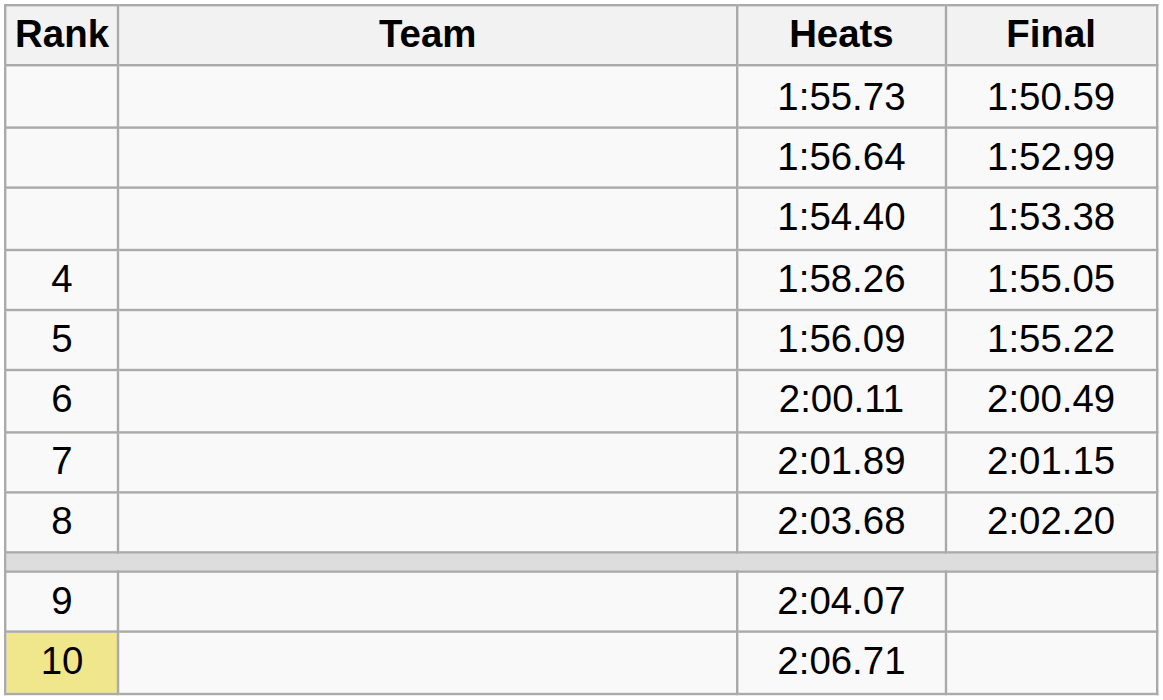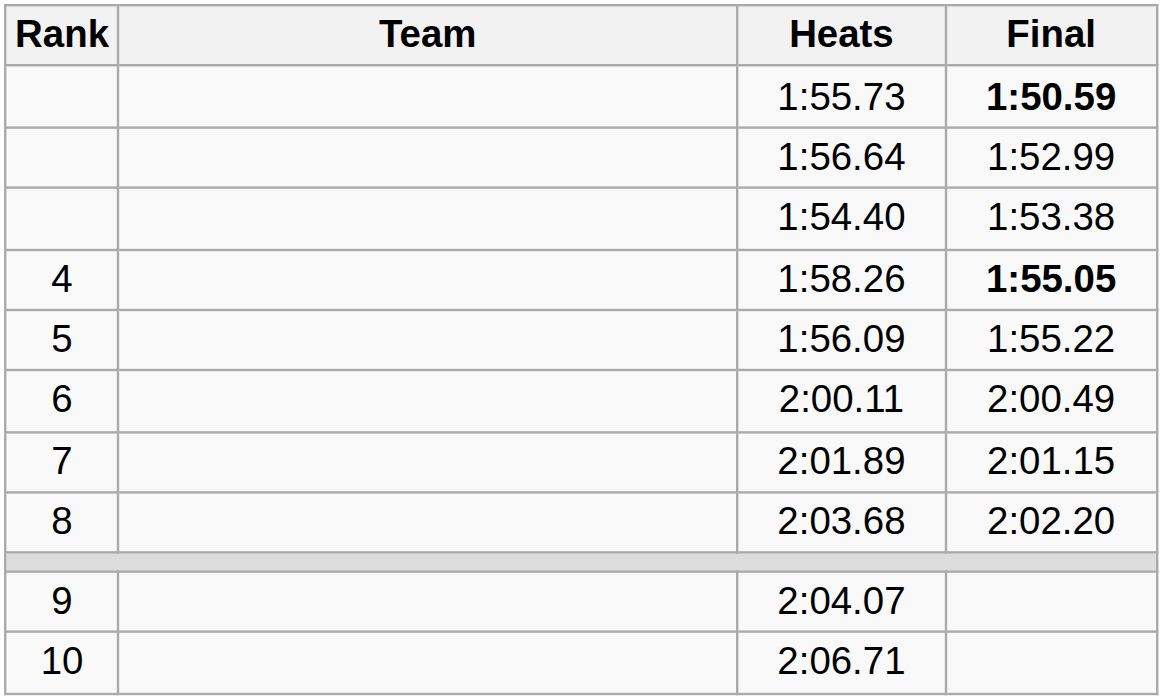 <table class=wikitable style="text-align:center">
 <tr>
 <th width=40>Rank</th>
 <th width=250>Team</th>
 <th width=80>Heats</th>
 <th width=80>Final</th>
 </tr>
 <tr>
 <td></td>
 <td align=left></td>
 <td>1:55.73</td>
-<td>1:50.59</td>
+<td><strong>1:50.59</strong></td>
 </tr>
 <tr>
 <td></td>
 <td align=left></td>
 <td>1:56.64</td>
 <td>1:52.99</td>
 </tr>
 <tr>
 <td></td>
 <td align=left></td>
 <td>1:54.40</td>
 <td>1:53.38</td>
 </tr>
 <tr>
 <td>4</td>
 <td align=left></td>
 <td>1:58.26</td>
-<td>1:55.05</td>
+<td><strong>1:55.05</strong></td>
 </tr>
 <tr>
 <td>5</td>
 <td align=left></td>
 <td>1:56.09</td>
 <td>1:55.22</td>
 </tr>
 <tr>
 <td>6</td>
 <td align=left></td>
 <td>2:00.11</td>
 <td>2:00.49</td>
 </tr>
 <tr>
 <td>7</td>
 <td align=left></td>
 <td>2:01.89</td>
 <td>2:01.15</td>
 </tr>
 <tr>
 <td>8</td>
 <td align=left></td>
 <td>2:03.68</td>
 <td>2:02.20</td>
 </tr>
 <tr bgcolor=#DDDDDD>
 <td colspan=4></td>
 </tr>
 <tr>
 <td>9</td>
 <td align=left></td>
 <td>2:04.07</td>
 <td></td>
 </tr>
 <tr>
-<td style="background: khaki;">10</td>
+<td>10</td>
 <td align=left></td>
 <td>2:06.71</td>
 <td></td>
 </tr>
 </table>
